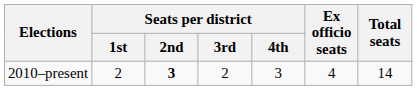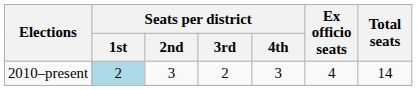 <table class="wikitable" style="text-align:center">
 <tr>
 <th rowspan="2">Elections</th>
 <th colspan="4">Seats per district</th>
 <th rowspan="2" width="50px">Ex officio seats</th>
 <th rowspan="2" width="50px">Total seats</th>
 </tr>
 <tr>
 <th width="50px">1st</th>
 <th width="50px">2nd</th>
 <th width="50px">3rd</th>
 <th width="50px">4th</th>
 </tr>
 <tr>
 <td>2010–present</td>
-<td>2</td>
-<td><strong>3</strong></td>
+<td style="background: lightblue;">2</td>
+<td>3</td>
 <td>2</td>
 <td>3</td>
 <td>4</td>
 <td>14</td>
 </tr>
 </table>
